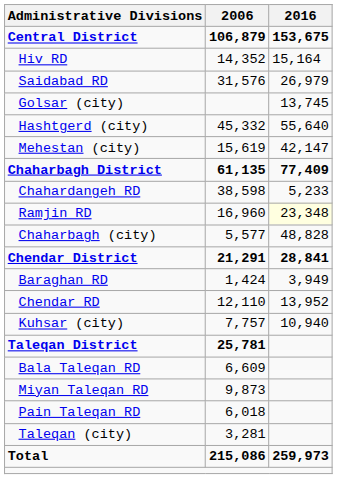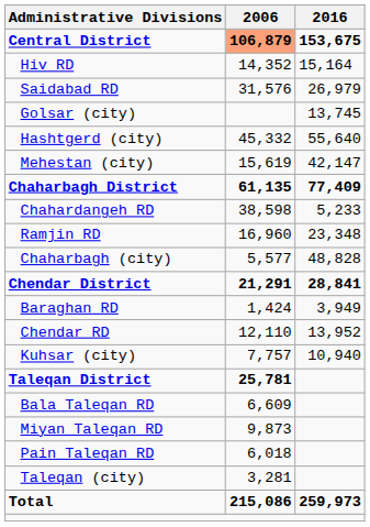 <table class="wikitable">
 <tr>
 <th>Administrative Divisions</th>
 <th>2006</th>
 <th>2016</th>
 </tr>
 <tr>
 <td><strong><a href='#'>Central District</a></strong></td>
-<td style="text-align: right;"><strong>106,879</strong></td>
+<td style="background: lightsalmon; text-align: right;"><strong>106,879</strong></td>
 <td style="text-align: right;"><strong>153,675</strong></td>
 </tr>
 <tr>
 <td style="padding-left: 1em;"><a href='#'>Hiv RD</a></td>
 <td style="text-align: right;">14,352</td>
 <td sstyle="text-align: right;">15,164</td>
 </tr>
 <tr>
 <td style="padding-left: 1em;"><a href='#'>Saidabad RD</a></td>
 <td style="text-align: right;">31,576</td>
 <td style="text-align: right;">26,979</td>
 </tr>
 <tr>
 <td style="padding-left: 1em;"><a href='#'>Golsar</a> (city)</td>
 <td style="text-align: right;"></td>
 <td style="text-align: right;">13,745</td>
 </tr>
 <tr>
 <td style="padding-left: 1em;"><a href='#'>Hashtgerd</a> (city)</td>
 <td style="text-align: right;">45,332</td>
 <td style="text-align: right;">55,640</td>
 </tr>
 <tr>
 <td style="padding-left: 1em;"><a href='#'>Mehestan</a> (city)</td>
 <td style="text-align: right;">15,619</td>
 <td style="text-align: right;">42,147</td>
 </tr>
 <tr>
 <td><strong><a href='#'>Chaharbagh District</a></strong></td>
 <td style="text-align: right;"><strong>61,135</strong></td>
 <td style="text-align: right;"><strong>77,409</strong></td>
 </tr>
 <tr>
 <td style="padding-left: 1em;"><a href='#'>Chahardangeh RD</a></td>
 <td style="text-align: right;">38,598</td>
 <td style="text-align: right;">5,233</td>
 </tr>
 <tr>
 <td style="padding-left: 1em;"><a href='#'>Ramjin RD</a></td>
 <td style="text-align: right;">16,960</td>
-<td style="background: lightyellow; text-align: right;">23,348</td>
+<td style="text-align: right;">23,348</td>
 </tr>
 <tr>
 <td style="padding-left: 1em;"><a href='#'>Chaharbagh</a> (city)</td>
 <td style="text-align: right;">5,577</td>
 <td style="text-align: right;">48,828</td>
 </tr>
 <tr>
 <td><strong><a href='#'>Chendar District</a></strong></td>
 <td style="text-align: right;"><strong>21,291</strong></td>
 <td style="text-align: right;"><strong>28,841</strong></td>
 </tr>
 <tr>
 <td style="padding-left: 1em;"><a href='#'>Baraghan RD</a></td>
 <td style="text-align: right;">1,424</td>
 <td style="text-align: right;">3,949</td>
 </tr>
 <tr>
 <td style="padding-left: 1em;"><a href='#'>Chendar RD</a></td>
 <td style="text-align: right;">12,110</td>
 <td style="text-align: right;">13,952</td>
 </tr>
 <tr>
 <td style="padding-left: 1em;"><a href='#'>Kuhsar</a> (city)</td>
 <td style="text-align: right;">7,757</td>
 <td style="text-align: right;">10,940</td>
 </tr>
 <tr>
 <td><strong><a href='#'>Taleqan District</a></strong></td>
 <td style="text-align: right;"><strong>25,781</strong></td>
 <td style="text-align: right;"></td>
 </tr>
 <tr>
 <td style="padding-left: 1em;"><a href='#'>Bala Taleqan RD</a></td>
 <td style="text-align: right;">6,609</td>
 <td style="text-align: right;"></td>
 </tr>
 <tr>
 <td style="padding-left: 1em;"><a href='#'>Miyan Taleqan RD</a></td>
 <td style="text-align: right;">9,873</td>
 <td style="text-align: right;"></td>
 </tr>
 <tr>
 <td style="padding-left: 1em;"><a href='#'>Pain Taleqan RD</a></td>
 <td style="text-align: right;">6,018</td>
 <td style="text-align: right;"></td>
 </tr>
 <tr>
 <td style="padding-left: 1em;"><a href='#'>Taleqan</a> (city)</td>
 <td style="text-align: right;">3,281</td>
 <td style="text-align: right;"></td>
 </tr>
 <tr>
 <td><strong>Total</strong></td>
 <td style="text-align: right;"><strong>215,086</strong></td>
 <td style="text-align: right;"><strong>259,973</strong></td>
 </tr>
 <tr>
 <td colspan=4></td>
 </tr>
 </table>
